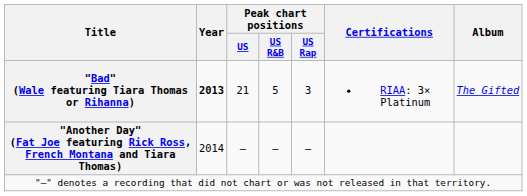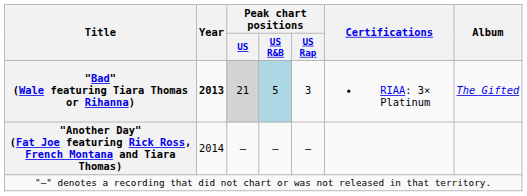 <table class="wikitable plainrowheaders" style="text-align:center;">
 <tr>
 <th scope="col" rowspan="2" style="width:18em;">Title</th>
 <th scope="col" rowspan="2">Year</th>
 <th scope="col" colspan="3">Peak chart positions</th>
 <th scope="col" rowspan="2" style="width:12em;"><a href='#'>Certifications</a></th>
 <th scope="col" rowspan="2">Album</th>
 </tr>
 <tr>
 <th scope="col" style="width:3em;font-size:90%;"><a href='#'>US</a><br></th>
 <th scope="col" style="width:3em;font-size:90%;"><a href='#'>US<br>R&B</a><br></th>
 <th scope="col" style="width:3em;font-size:90%;"><a href='#'>US<br>Rap</a><br></th>
 </tr>
 <tr>
 <th scope="row">"<a href='#'>Bad</a>"<br><span>(<a href='#'>Wale</a> featuring Tiara Thomas or <a href='#'>Rihanna</a>)</span></th>
 <td><strong>2013</strong></td>
-<td>21</td>
-<td>5</td>
+<td style="background: lightgrey;">21</td>
+<td style="background: lightblue;">5</td>
 <td>3</td>
 <td><br><ul><li><a href='#'>RIAA</a>: 3× Platinum</li></ul></td>
 <td><em><a href='#'>The Gifted</a></em></td>
 </tr>
 <tr>
 <th scope="row">"Another Day"<br><span>(<a href='#'>Fat Joe</a> featuring <a href='#'>Rick Ross</a>, <a href='#'>French Montana</a> and Tiara Thomas)</span></th>
 <td>2014</td>
 <td>—</td>
 <td>—</td>
 <td>—</td>
 <td></td>
 <td></td>
 </tr>
 <tr>
 <td colspan="14" style="font-size:90%">"—" denotes a recording that did not chart or was not released in that territory.</td>
 </tr>
 </table>
